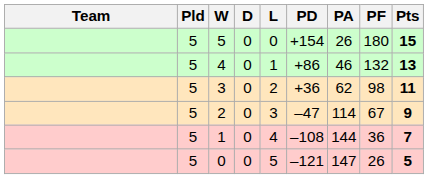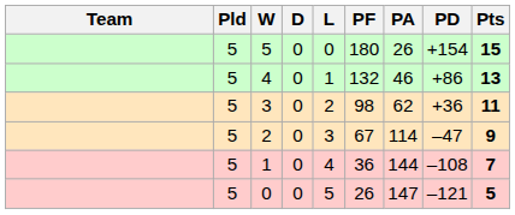 <table class="wikitable" style="text-align:center;">
 <tr>
 <th width=175>Team</th>
 <th width=20 abbr="Played">Pld</th>
 <th width=20 abbr="Won">W</th>
 <th width=20 abbr="Drawn">D</th>
 <th width=20 abbr="Lost">L</th>
+<th width=20 abbr="Points for">PF</th>
+<th width=20 abbr="Points against">PA</th>
 <th width=35 abbr="Points difference">PD</th>
-<th width=20 abbr="Points against">PA</th>
-<th width=20 abbr="Points for">PF</th>
 <th width=20 abbr="Points">Pts</th>
 </tr>
 <tr style="background:#ccffcc">
 <td align=left></td>
 <td>5</td>
 <td>5</td>
 <td>0</td>
 <td>0</td>
+<td>180</td>
+<td>26</td>
 <td>+154</td>
-<td>26</td>
-<td>180</td>
 <td><strong>15</strong></td>
 </tr>
 <tr style="background:#ccffcc">
 <td align=left></td>
 <td>5</td>
 <td>4</td>
 <td>0</td>
 <td>1</td>
+<td>132</td>
+<td>46</td>
 <td>+86</td>
-<td>46</td>
-<td>132</td>
 <td><strong>13</strong></td>
 </tr>
 <tr style="background:#ffe6bd">
 <td align=left></td>
 <td>5</td>
 <td>3</td>
 <td>0</td>
 <td>2</td>
+<td>98</td>
+<td>62</td>
 <td>+36</td>
-<td>62</td>
-<td>98</td>
 <td><strong>11</strong></td>
 </tr>
 <tr style="background:#ffe6bd">
 <td align=left></td>
 <td>5</td>
 <td>2</td>
 <td>0</td>
 <td>3</td>
+<td>67</td>
+<td>114</td>
 <td>–47</td>
-<td>114</td>
-<td>67</td>
 <td><strong>9</strong></td>
 </tr>
 <tr style="background:#fcc">
 <td align=left></td>
 <td>5</td>
 <td>1</td>
 <td>0</td>
 <td>4</td>
+<td>36</td>
+<td>144</td>
 <td>–108</td>
-<td>144</td>
-<td>36</td>
 <td><strong>7</strong></td>
 </tr>
 <tr style="background:#fcc">
 <td align=left></td>
 <td>5</td>
 <td>0</td>
 <td>0</td>
 <td>5</td>
+<td>26</td>
+<td>147</td>
 <td>–121</td>
-<td>147</td>
-<td>26</td>
 <td><strong>5</strong></td>
 </tr>
 </table>
